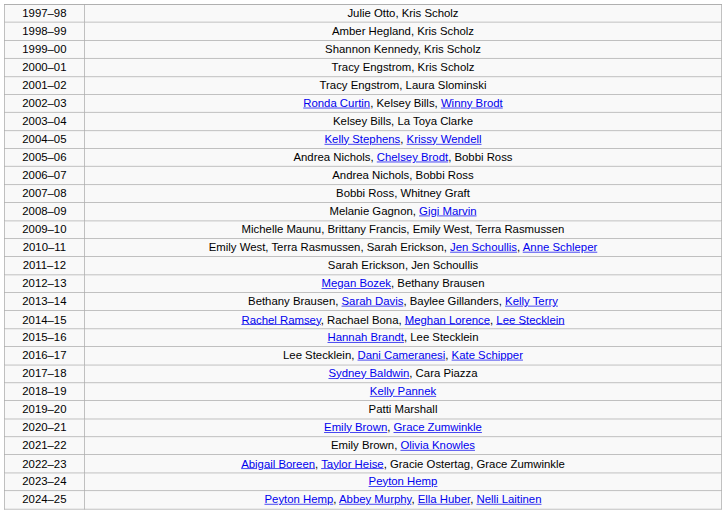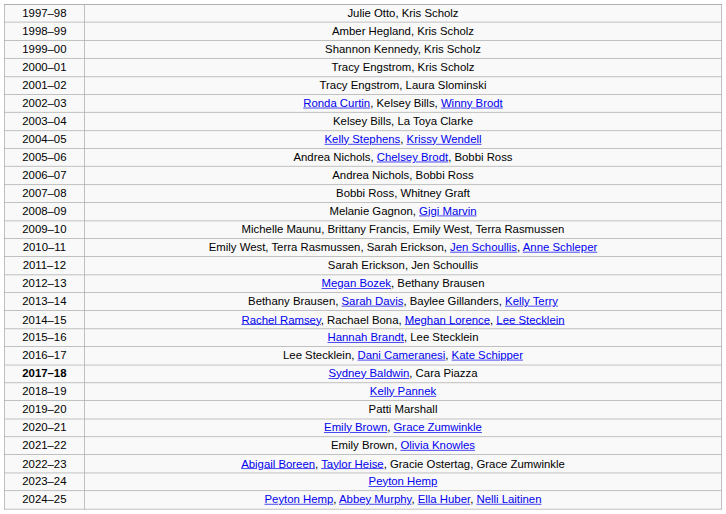 <table class="wikitable" style="width: 80%; text-align: center">
 <tr>
 </tr>
 <tr>
 <td>1997–98</td>
 <td>Julie Otto, Kris Scholz</td>
 </tr>
 <tr>
 <td>1998–99</td>
 <td>Amber Hegland, Kris Scholz</td>
 </tr>
 <tr>
 <td>1999–00</td>
 <td>Shannon Kennedy, Kris Scholz</td>
 </tr>
 <tr>
 <td>2000–01</td>
 <td>Tracy Engstrom, Kris Scholz</td>
 </tr>
 <tr>
 <td>2001–02</td>
 <td>Tracy Engstrom, Laura Slominski</td>
 </tr>
 <tr>
 <td>2002–03</td>
 <td><a href='#'>Ronda Curtin</a>, Kelsey Bills, <a href='#'>Winny Brodt</a></td>
 </tr>
 <tr>
 <td>2003–04</td>
 <td>Kelsey Bills, La Toya Clarke</td>
 </tr>
 <tr>
 <td>2004–05</td>
 <td><a href='#'>Kelly Stephens</a>, <a href='#'>Krissy Wendell</a></td>
 </tr>
 <tr>
 <td>2005–06</td>
 <td>Andrea Nichols, <a href='#'>Chelsey Brodt</a>, Bobbi Ross</td>
 </tr>
 <tr>
 <td>2006–07</td>
 <td>Andrea Nichols, Bobbi Ross</td>
 </tr>
 <tr>
 <td>2007–08</td>
 <td>Bobbi Ross, Whitney Graft</td>
 </tr>
 <tr>
 <td>2008–09</td>
 <td>Melanie Gagnon, <a href='#'>Gigi Marvin</a></td>
 </tr>
 <tr>
 <td>2009–10</td>
 <td>Michelle Maunu, Brittany Francis, Emily West, Terra Rasmussen</td>
 </tr>
 <tr>
 <td>2010–11</td>
 <td>Emily West, Terra Rasmussen, Sarah Erickson, <a href='#'>Jen Schoullis</a>, <a href='#'>Anne Schleper</a></td>
 </tr>
 <tr>
 <td>2011–12</td>
 <td>Sarah Erickson, Jen Schoullis</td>
 </tr>
 <tr>
 <td>2012–13</td>
 <td><a href='#'>Megan Bozek</a>, Bethany Brausen</td>
 </tr>
 <tr>
 <td>2013–14</td>
 <td>Bethany Brausen, <a href='#'>Sarah Davis</a>, Baylee Gillanders, <a href='#'>Kelly Terry</a></td>
 </tr>
 <tr>
 <td>2014–15</td>
 <td><a href='#'>Rachel Ramsey</a>, Rachael Bona, <a href='#'>Meghan Lorence</a>, <a href='#'>Lee Stecklein</a></td>
 </tr>
 <tr>
 <td>2015–16</td>
 <td><a href='#'>Hannah Brandt</a>, Lee Stecklein</td>
 </tr>
 <tr>
 <td>2016–17</td>
 <td>Lee Stecklein, <a href='#'>Dani Cameranesi</a>, <a href='#'>Kate Schipper</a></td>
 </tr>
 <tr>
-<td>2017–18</td>
+<td><strong>2017–18</strong></td>
 <td><a href='#'>Sydney Baldwin</a>, Cara Piazza</td>
 </tr>
 <tr>
 <td>2018–19</td>
 <td><a href='#'>Kelly Pannek</a></td>
 </tr>
 <tr>
 <td>2019–20</td>
 <td>Patti Marshall</td>
 </tr>
 <tr>
 <td>2020–21</td>
 <td><a href='#'>Emily Brown</a>, <a href='#'>Grace Zumwinkle</a></td>
 </tr>
 <tr>
 <td>2021–22</td>
 <td>Emily Brown, <a href='#'>Olivia Knowles</a></td>
 </tr>
 <tr>
 <td>2022–23</td>
 <td><a href='#'>Abigail Boreen</a>, <a href='#'>Taylor Heise</a>, Gracie Ostertag, Grace Zumwinkle</td>
 </tr>
 <tr>
 <td>2023–24</td>
 <td><a href='#'>Peyton Hemp</a></td>
 </tr>
 <tr>
 <td>2024–25</td>
 <td><a href='#'>Peyton Hemp</a>, <a href='#'>Abbey Murphy</a>, <a href='#'>Ella Huber</a>, <a href='#'>Nelli Laitinen</a></td>
 </tr>
 </table>
